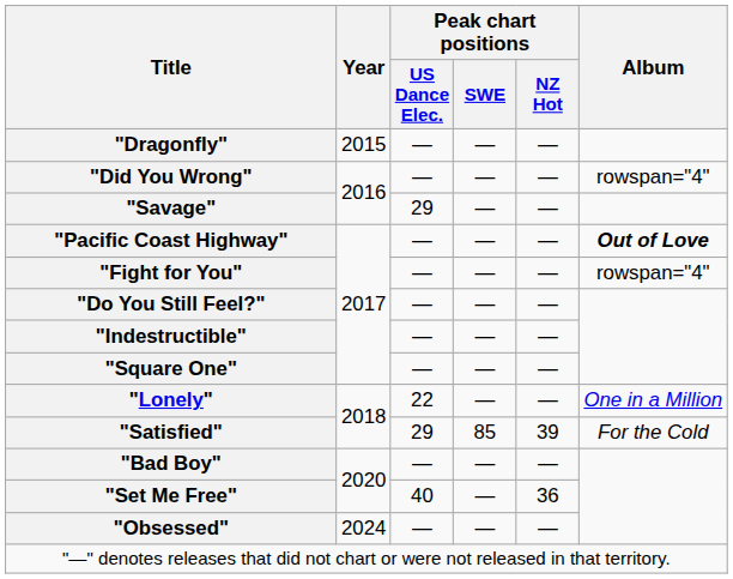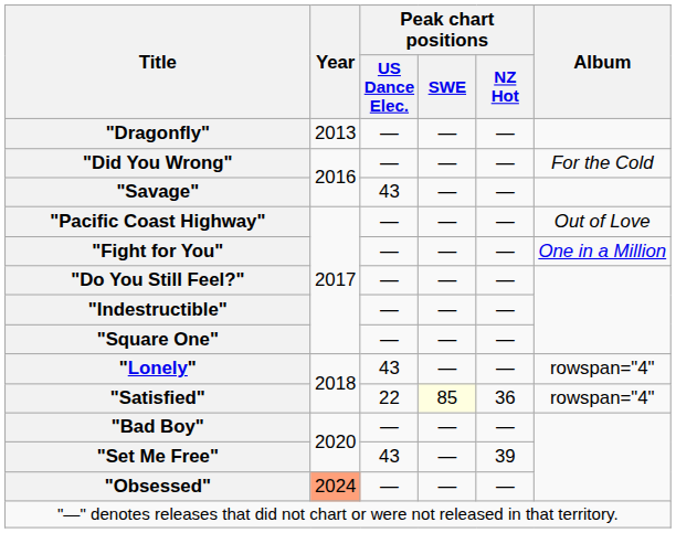 <table class="wikitable plainrowheaders" style="text-align:center;">
 <tr>
 <th scope="col" rowspan="2" style="width:16em;">Title</th>
 <th scope="col" rowspan="2">Year</th>
 <th scope="col" colspan="3">Peak chart positions</th>
 <th scope="col" rowspan="2">Album</th>
 </tr>
 <tr>
 <th scope="col" style="width:3em;font-size:90%;"><a href='#'>US<br>Dance Elec.</a><br></th>
 <th scope="col" style="width:3em;font-size:90%;"><a href='#'>SWE</a><br></th>
 <th scope="col" style="width:3em;font-size:90%;"><a href='#'>NZ<br>Hot</a><br></th>
 </tr>
 <tr>
 <th scope="row">"Dragonfly"<br></th>
-<td>2015</td>
+<td>2013</td>
 <td>—</td>
 <td>—</td>
 <td>—</td>
 <td></td>
 </tr>
 <tr>
 <th scope="row">"Did You Wrong"<br></th>
 <td rowspan="2">2016</td>
 <td>—</td>
 <td>—</td>
 <td>—</td>
-<td>rowspan="4" </td>
+<td><em>For the Cold</em></td>
 </tr>
 <tr>
 <th scope="row">"Savage"<br></th>
-<td>29</td>
+<td>43</td>
 <td>—</td>
 <td>—</td>
 <td></td>
 </tr>
 <tr>
 <th scope="row">"Pacific Coast Highway"<br></th>
 <td rowspan="5">2017</td>
 <td>—</td>
 <td>—</td>
 <td>—</td>
-<td><strong><em>Out of Love</em></strong></td>
+<td><em>Out of Love</em></td>
 </tr>
 <tr>
 <th scope="row">"Fight for You"<br></th>
 <td>—</td>
 <td>—</td>
 <td>—</td>
-<td>rowspan="4" </td>
+<td><em><a href='#'>One in a Million</a></em></td>
 </tr>
 <tr>
 <th scope="row">"Do You Still Feel?"<br></th>
 <td>—</td>
 <td>—</td>
 <td>—</td>
 </tr>
 <tr>
 <th scope="row">"Indestructible"<br></th>
 <td>—</td>
 <td>—</td>
 <td>—</td>
 </tr>
 <tr>
 <th scope="row">"Square One"<br></th>
 <td>—</td>
 <td>—</td>
 <td>—</td>
 </tr>
 <tr>
 <th scope="row">"<a href='#'>Lonely</a>"<br></th>
 <td rowspan="2">2018</td>
-<td>22</td>
+<td>43</td>
 <td>—</td>
 <td>—</td>
-<td><em><a href='#'>One in a Million</a></em></td>
+<td>rowspan="4" </td>
 </tr>
 <tr>
 <th scope="row">"Satisfied"<br></th>
-<td>29</td>
-<td>85</td>
-<td>39</td>
-<td><em>For the Cold</em></td>
+<td>22</td>
+<td style="background: lightyellow;">85</td>
+<td>36</td>
+<td>rowspan="4" </td>
 </tr>
 <tr>
 <th scope="row">"Bad Boy"<br></th>
 <td rowspan="2">2020</td>
 <td>—</td>
 <td>—</td>
 <td>—</td>
 </tr>
 <tr>
 <th scope="row">"Set Me Free"<br></th>
-<td>40</td>
+<td>43</td>
 <td>—</td>
-<td>36</td>
+<td>39</td>
 </tr>
 <tr>
 <th scope="row">"Obsessed"<br></th>
-<td rowspan="1">2024</td>
+<td rowspan="1" style="background: lightsalmon;">2024</td>
 <td>—</td>
 <td>—</td>
 <td>—</td>
 </tr>
 <tr>
 <td colspan="6" style="text-align:center; font-size:90%;">"—" denotes releases that did not chart or were not released in that territory.</td>
 </tr>
 </table>
